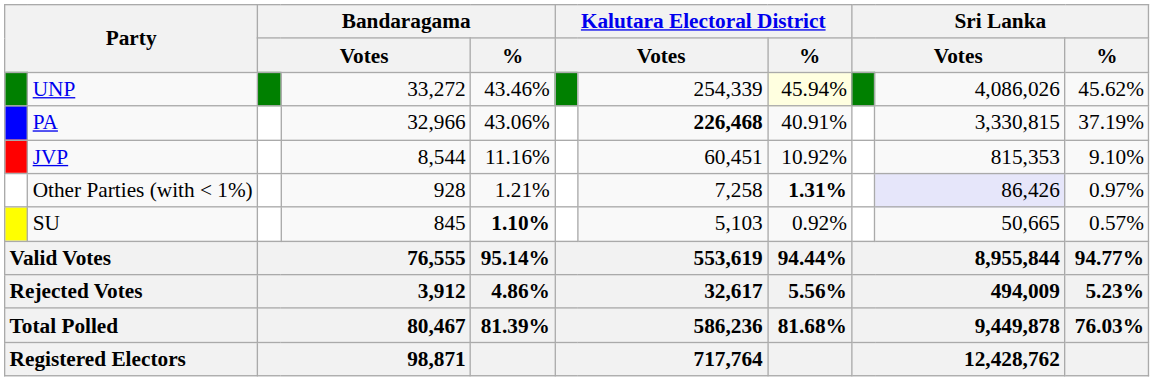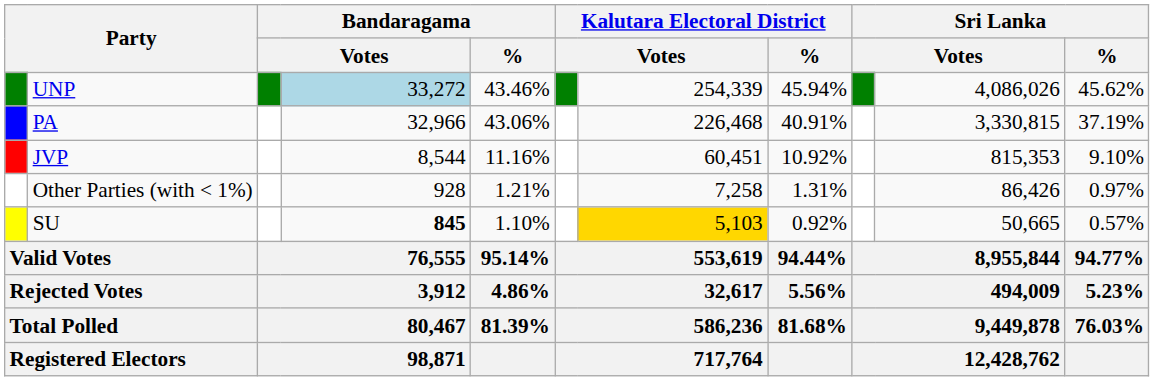 <table class="wikitable">
 <tr>
 <th colspan="2" width="144px"rowspan="2">Party</th>
 <th colspan="3" width="216px">Bandaragama</th>
 <th colspan="3" width="216px"><a href='#'>Kalutara Electoral District</a></th>
 <th colspan="3" width="216px">Sri Lanka</th>
 </tr>
 <tr>
 <th colspan="2" width="144px">Votes</th>
 <th>%</th>
 <th colspan="2" width="144px">Votes</th>
 <th>%</th>
 <th colspan="2" width="144px">Votes</th>
 <th>%</th>
 </tr>
 <tr>
 <td style="background-color:green;" width="10px"></td>
 <td style="text-align:left;"><a href='#'>UNP</a></td>
 <td style="background-color:green;" width="10px"></td>
-<td style="text-align:right;">33,272</td>
+<td style="background: lightblue; text-align:right;">33,272</td>
 <td style="text-align:right;">43.46%</td>
 <td style="background-color:green;" width="10px"></td>
 <td style="text-align:right;">254,339</td>
-<td style="background: lightyellow; text-align:right;">45.94%</td>
+<td style="text-align:right;">45.94%</td>
 <td style="background-color:green;" width="10px"></td>
 <td style="text-align:right;">4,086,026</td>
 <td style="text-align:right;">45.62%</td>
 </tr>
 <tr>
 <td style="background-color:blue;" width="10px"></td>
 <td style="text-align:left;"><a href='#'>PA</a></td>
 <td style="background-color:white;" width="10px"></td>
 <td style="text-align:right;">32,966</td>
 <td style="text-align:right;">43.06%</td>
 <td style="background-color:white;" width="10px"></td>
-<td style="text-align:right;"><strong>226,468</strong></td>
+<td style="text-align:right;">226,468</td>
 <td style="text-align:right;">40.91%</td>
 <td style="background-color:white;" width="10px"></td>
 <td style="text-align:right;">3,330,815</td>
 <td style="text-align:right;">37.19%</td>
 </tr>
 <tr>
 <td style="background-color:red;" width="10px"></td>
 <td style="text-align:left;"><a href='#'>JVP</a></td>
 <td style="background-color:white;" width="10px"></td>
 <td style="text-align:right;">8,544</td>
 <td style="text-align:right;">11.16%</td>
 <td style="background-color:white;" width="10px"></td>
 <td style="text-align:right;">60,451</td>
 <td style="text-align:right;">10.92%</td>
 <td style="background-color:white;" width="10px"></td>
 <td style="text-align:right;">815,353</td>
 <td style="text-align:right;">9.10%</td>
 </tr>
 <tr>
 <td style="background-color:white;" width="10px"></td>
 <td style="text-align:left;">Other Parties (with < 1%)</td>
 <td style="background-color:white;" width="10px"></td>
 <td style="text-align:right;">928</td>
 <td style="text-align:right;">1.21%</td>
 <td style="background-color:white;" width="10px"></td>
 <td style="text-align:right;">7,258</td>
-<td style="text-align:right;"><strong>1.31%</strong></td>
+<td style="text-align:right;">1.31%</td>
 <td style="background-color:white;" width="10px"></td>
-<td style="background: lavender; text-align:right;">86,426</td>
+<td style="text-align:right;">86,426</td>
 <td style="text-align:right;">0.97%</td>
 </tr>
 <tr>
 <td style="background-color:yellow;" width="10px"></td>
 <td style="text-align:left;">SU</td>
 <td style="background-color:white;" width="10px"></td>
-<td style="text-align:right;">845</td>
-<td style="text-align:right;"><strong>1.10%</strong></td>
+<td style="text-align:right;"><strong>845</strong></td>
+<td style="text-align:right;">1.10%</td>
 <td style="background-color:white;" width="10px"></td>
-<td style="text-align:right;">5,103</td>
+<td style="background: gold; text-align:right;">5,103</td>
 <td style="text-align:right;">0.92%</td>
 <td style="background-color:white;" width="10px"></td>
 <td style="text-align:right;">50,665</td>
 <td style="text-align:right;">0.57%</td>
 </tr>
 <tr>
 <th colspan="2" width="144px"style="text-align:left;">Valid Votes</th>
 <th style="text-align:right;"colspan="2" width="144px">76,555</th>
 <th style="text-align:right;">95.14%</th>
 <th style="text-align:right;"colspan="2" width="144px">553,619</th>
 <th style="text-align:right;">94.44%</th>
 <th style="text-align:right;"colspan="2" width="144px">8,955,844</th>
 <th style="text-align:right;">94.77%</th>
 </tr>
 <tr>
 <th colspan="2" width="144px"style="text-align:left;">Rejected Votes</th>
 <th style="text-align:right;"colspan="2" width="144px">3,912</th>
 <th style="text-align:right;">4.86%</th>
 <th style="text-align:right;"colspan="2" width="144px">32,617</th>
 <th style="text-align:right;">5.56%</th>
 <th style="text-align:right;"colspan="2" width="144px">494,009</th>
 <th style="text-align:right;">5.23%</th>
 </tr>
 <tr>
 <th colspan="2" width="144px"style="text-align:left;">Total Polled</th>
 <th style="text-align:right;"colspan="2" width="144px">80,467</th>
 <th style="text-align:right;">81.39%</th>
 <th style="text-align:right;"colspan="2" width="144px">586,236</th>
 <th style="text-align:right;">81.68%</th>
 <th style="text-align:right;"colspan="2" width="144px">9,449,878</th>
 <th style="text-align:right;">76.03%</th>
 </tr>
 <tr>
 <th colspan="2" width="144px"style="text-align:left;">Registered Electors</th>
 <th style="text-align:right;"colspan="2" width="144px">98,871</th>
 <th></th>
 <th style="text-align:right;"colspan="2" width="144px">717,764</th>
 <th></th>
 <th style="text-align:right;"colspan="2" width="144px">12,428,762</th>
 <th></th>
 </tr>
 </table>
